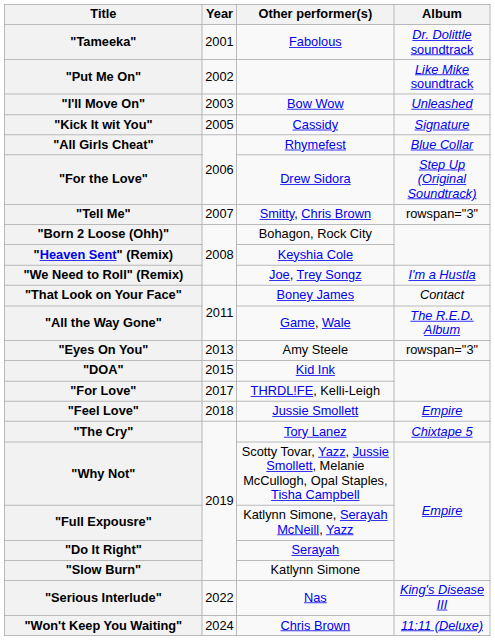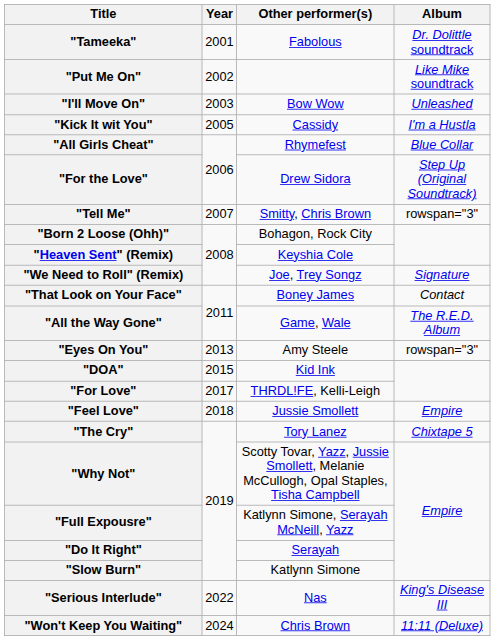 <table class="wikitable plainrowheaders" style="text-align:center;">
 <tr>
 <th scope="col" style="width:15em;">Title</th>
 <th scope="col">Year</th>
 <th scope="col">Other performer(s)</th>
 <th scope="col">Album</th>
 </tr>
 <tr>
 <th scope="row">"Tameeka"</th>
 <td>2001</td>
 <td><a href='#'>Fabolous</a></td>
 <td><a href='#'><em>Dr. Dolittle</em> soundtrack</a></td>
 </tr>
 <tr>
 <th scope="row">"Put Me On"</th>
 <td>2002</td>
 <td></td>
 <td><a href='#'><em>Like Mike</em> soundtrack</a></td>
 </tr>
 <tr>
 <th scope="row">"I'll Move On"</th>
 <td>2003</td>
 <td><a href='#'>Bow Wow</a></td>
 <td><em><a href='#'>Unleashed</a></em></td>
 </tr>
 <tr>
 <th scope="row">"Kick It wit You"</th>
 <td>2005</td>
 <td><a href='#'>Cassidy</a></td>
-<td><em><a href='#'>Signature</a></em></td>
+<td><em><a href='#'>I'm a Hustla</a></em></td>
 </tr>
 <tr>
 <th scope="row">"All Girls Cheat"</th>
 <td rowspan="2">2006</td>
 <td><a href='#'>Rhymefest</a></td>
 <td><em><a href='#'>Blue Collar</a></em></td>
 </tr>
 <tr>
 <th scope="row">"For the Love"</th>
 <td><a href='#'>Drew Sidora</a></td>
 <td><em><a href='#'>Step Up (Original Soundtrack)</a></em></td>
 </tr>
 <tr>
 <th scope="row">"Tell Me"</th>
 <td>2007</td>
 <td><a href='#'>Smitty</a>, <a href='#'>Chris Brown</a></td>
 <td>rowspan="3" </td>
 </tr>
 <tr>
 <th scope="row">"Born 2 Loose (Ohh)"</th>
 <td rowspan="3">2008</td>
 <td>Bohagon, Rock City</td>
 </tr>
 <tr>
 <th scope="row">"<a href='#'>Heaven Sent</a>" (Remix)</th>
 <td><a href='#'>Keyshia Cole</a></td>
 </tr>
 <tr>
 <th scope="row">"We Need to Roll" (Remix)</th>
 <td><a href='#'>Joe</a>, <a href='#'>Trey Songz</a></td>
-<td><em><a href='#'>I'm a Hustla</a></em></td>
+<td><em><a href='#'>Signature</a></em></td>
 </tr>
 <tr>
 <th scope="row">"That Look on Your Face"</th>
 <td rowspan="2">2011</td>
 <td><a href='#'>Boney James</a></td>
 <td><em>Contact</em></td>
 </tr>
 <tr>
 <th scope="row">"All the Way Gone"</th>
 <td><a href='#'>Game</a>, <a href='#'>Wale</a></td>
 <td><em><a href='#'>The R.E.D. Album</a></em></td>
 </tr>
 <tr>
 <th scope="row">"Eyes On You"</th>
 <td>2013</td>
 <td>Amy Steele</td>
 <td>rowspan="3" </td>
 </tr>
 <tr>
 <th scope="row">"DOA"</th>
 <td>2015</td>
 <td><a href='#'>Kid Ink</a></td>
 </tr>
 <tr>
 <th scope="row">"For Love"</th>
 <td>2017</td>
 <td><a href='#'>THRDL!FE</a>, Kelli-Leigh</td>
 </tr>
 <tr>
 <th scope="row">"Feel Love"</th>
 <td>2018</td>
 <td><a href='#'>Jussie Smollett</a></td>
 <td><a href='#'><em>Empire</em></a></td>
 </tr>
 <tr>
 <th scope="row">"The Cry"</th>
 <td rowspan="5">2019</td>
 <td><a href='#'>Tory Lanez</a></td>
 <td><em><a href='#'>Chixtape 5</a></em></td>
 </tr>
 <tr>
 <th scope="row">"Why Not"</th>
 <td>Scotty Tovar, <a href='#'>Yazz</a>, <a href='#'>Jussie Smollett</a>, Melanie McCullogh, Opal Staples, <a href='#'>Tisha Campbell</a></td>
 <td rowspan="4"><a href='#'><em>Empire</em></a></td>
 </tr>
 <tr>
 <th scope="row">"Full Expousre"</th>
 <td>Katlynn Simone, <a href='#'>Serayah McNeill</a>, <a href='#'>Yazz</a></td>
 </tr>
 <tr>
 <th scope="row">"Do It Right"</th>
 <td><a href='#'>Serayah</a></td>
 </tr>
 <tr>
 <th scope="row">"Slow Burn"</th>
 <td>Katlynn Simone</td>
 </tr>
 <tr>
 <th scope="row">"Serious Interlude"</th>
 <td rowspan="1">2022</td>
 <td><a href='#'>Nas</a></td>
 <td><em><a href='#'>King's Disease III</a></em></td>
 </tr>
 <tr>
 <th scope="row">"Won't Keep You Waiting"</th>
 <td rowspan="1">2024</td>
 <td><a href='#'>Chris Brown</a></td>
 <td><em><a href='#'>11:11 (Deluxe)</a></em></td>
 </tr>
 </table>
